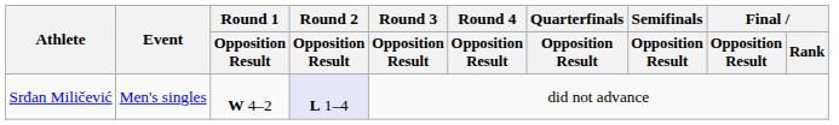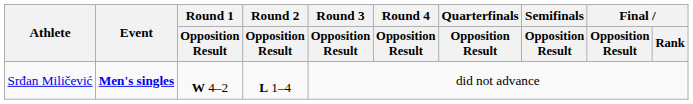 <table class="wikitable" style="font-size:90%">
 <tr>
 <th rowspan="2">Athlete</th>
 <th rowspan="2">Event</th>
 <th>Round 1</th>
 <th>Round 2</th>
 <th>Round 3</th>
 <th>Round 4</th>
 <th>Quarterfinals</th>
 <th>Semifinals</th>
 <th colspan=2>Final / </th>
 </tr>
 <tr style="font-size:95%">
 <th>Opposition<br>Result</th>
 <th>Opposition<br>Result</th>
 <th>Opposition<br>Result</th>
 <th>Opposition<br>Result</th>
 <th>Opposition<br>Result</th>
 <th>Opposition<br>Result</th>
 <th>Opposition<br>Result</th>
 <th>Rank</th>
 </tr>
 <tr align=center>
 <td align=left><a href='#'>Srđan Miličević</a></td>
-<td align=left><a href='#'>Men's singles</a></td>
+<td align=left><strong><a href='#'>Men's singles</a></strong></td>
 <td><br><strong>W</strong> 4–2</td>
-<td style="background: lavender;"><br><strong>L</strong> 1–4</td>
+<td><br><strong>L</strong> 1–4</td>
 <td colspan=6>did not advance</td>
 </tr>
 </table>
